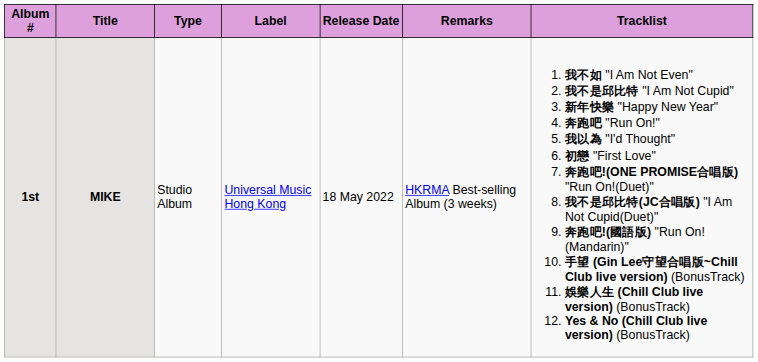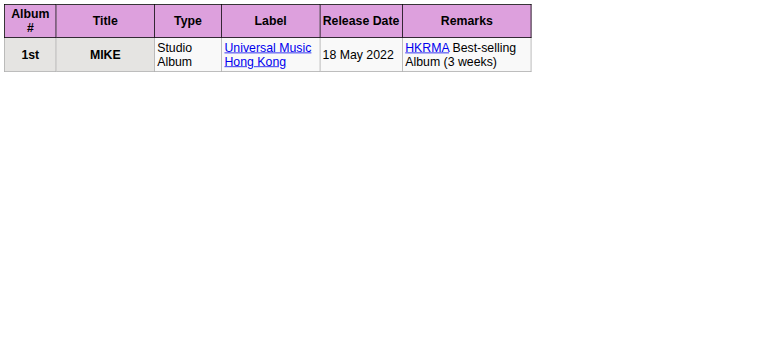 <table class="wikitable">
 <tr>
 <th style="background:#DDA0DD; border:1px solid black" align="left" width="60px">Album #</th>
 <th style="background:#DDA0DD; border:1px solid black" align="left" width="120px">Title</th>
 <th style="background:#DDA0DD; border:1px solid black" align="left" width="80px">Type</th>
 <th style="background:#DDA0DD; border:1px solid black" align="left" width="120px">Label</th>
 <th style="background:#DDA0DD; border:1px solid black" align="left" width="100px">Release Date</th>
 <th style="background:#DDA0DD; border:1px solid black" align="left" width="160px">Remarks</th>
-<th style="background:#DDA0DD; border:1px solid black" align="left" width="280px">Tracklist</th>
 </tr>
 <tr>
 <th style="background:#E5E4E2">1st</th>
 <th style="background:#E5E4E2">MIKE</th>
 <td><div>Studio Album</div></td>
 <td><a href='#'>Universal Music Hong Kong</a></td>
 <td><div>18 May 2022</div></td>
 <td><div><a href='#'>HKRMA</a> Best-selling Album (3 weeks)</div></td>
-<td><div> <br><ol><li><strong>我不如</strong> "I Am Not Even"</li><li><strong>我不是邱比特</strong> "I Am Not Cupid"</li><li><strong>新年快樂</strong> "Happy New Year"</li><li><strong>奔跑吧</strong> "Run On!"</li><li><strong>我以為</strong> "I'd Thought"</li><li><strong>初戀</strong> "First Love"</li><li><strong>奔跑吧!(ONE PROMISE合唱版)</strong> "Run On!(Duet)"</li><li><strong>我不是邱比特(JC合唱版)</strong> "I Am Not Cupid(Duet)"</li><li><strong>奔跑吧!(國語版)</strong> "Run On!(Mandarin)"</li><li><strong>手望 (Gin Lee守望合唱版~Chill Club live version)</strong> (BonusTrack)</li><li><strong>娛樂人生 (Chill Club live version)</strong> (BonusTrack)</li><li><strong>Yes & No (Chill Club live version)</strong> (BonusTrack)</li></ol> </div></td>
 </tr>
 </table>
